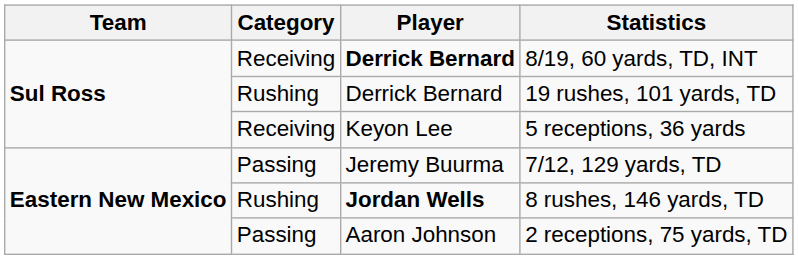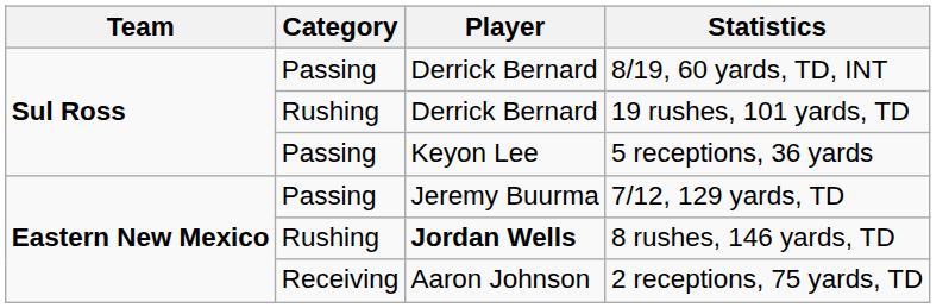 <table class="wikitable" style="float: left;">
 <tr>
 <th>Team</th>
 <th>Category</th>
 <th>Player</th>
 <th>Statistics</th>
 </tr>
 <tr>
 <td rowspan=3><strong>Sul Ross</strong></td>
-<td>Receiving</td>
-<td><strong>Derrick Bernard</strong></td>
+<td>Passing</td>
+<td>Derrick Bernard</td>
 <td>8/19, 60 yards, TD, INT</td>
 </tr>
 <tr>
 <td>Rushing</td>
 <td>Derrick Bernard</td>
 <td>19 rushes, 101 yards, TD</td>
 </tr>
 <tr>
-<td>Receiving</td>
+<td>Passing</td>
 <td>Keyon Lee</td>
 <td>5 receptions, 36 yards</td>
 </tr>
 <tr>
 <td rowspan=3><strong>Eastern New Mexico</strong></td>
 <td>Passing</td>
 <td>Jeremy Buurma</td>
 <td>7/12, 129 yards, TD</td>
 </tr>
 <tr>
 <td>Rushing</td>
 <td><strong>Jordan Wells</strong></td>
 <td>8 rushes, 146 yards, TD</td>
 </tr>
 <tr>
-<td>Passing</td>
+<td>Receiving</td>
 <td>Aaron Johnson</td>
 <td>2 receptions, 75 yards, TD</td>
 </tr>
 </table>
